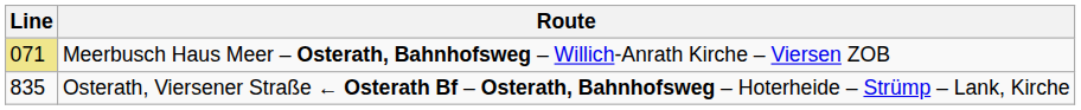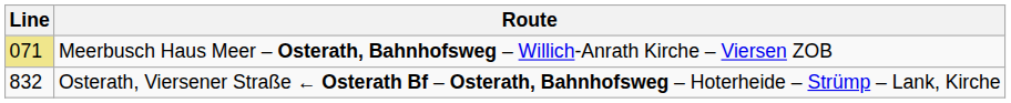 <table class="wikitable">
 <tr>
 <th>Line</th>
 <th>Route</th>
 </tr>
 <tr>
 <td style="background: khaki;">071</td>
 <td>Meerbusch Haus Meer  – <strong>Osterath, Bahnhofsweg</strong> – <a href='#'>Willich</a>-Anrath Kirche – <a href='#'>Viersen</a> ZOB</td>
 </tr>
 <tr>
-<td>835</td>
+<td>832</td>
 <td>Osterath, Viersener Straße ← <strong>Osterath Bf</strong> – <strong>Osterath, Bahnhofsweg</strong> – Hoterheide  – <a href='#'>Strümp</a> – Lank, Kirche</td>
 </tr>
 </table>
